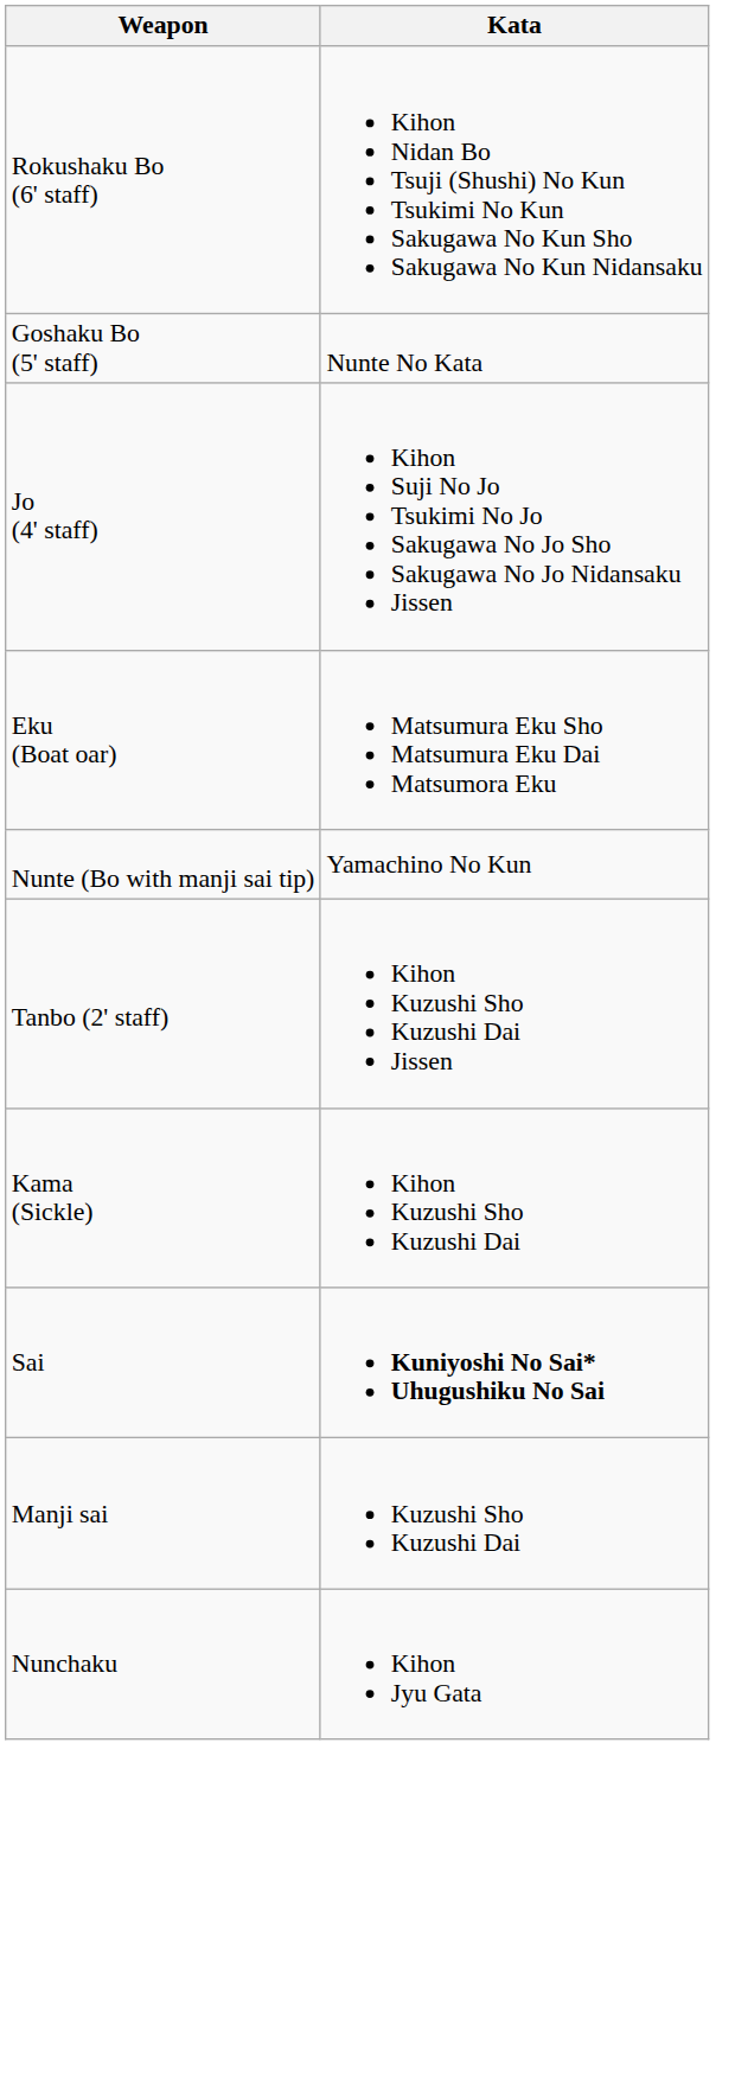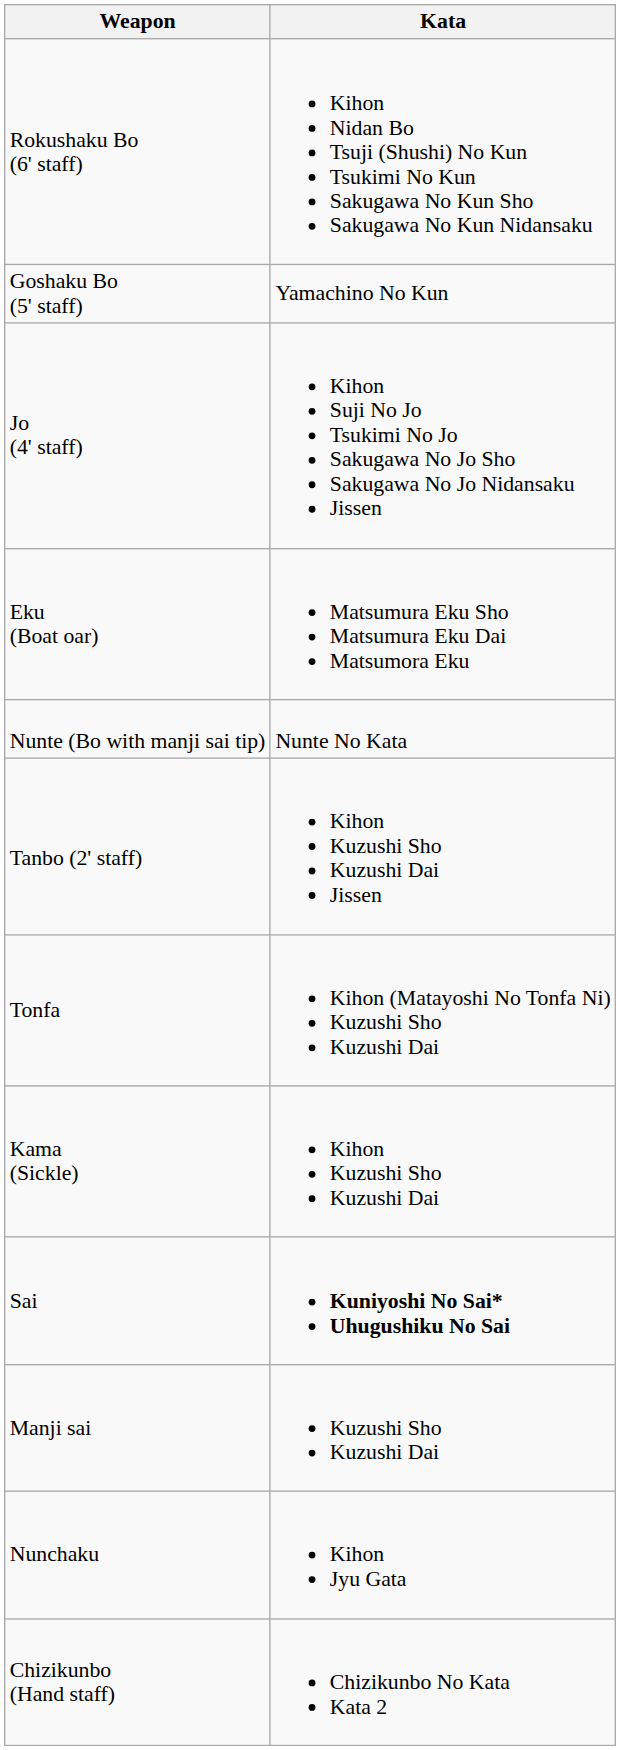 <table class="wikitable">
 <tr>
 <th>Weapon</th>
 <th>Kata</th>
 </tr>
 <tr>
 <td>Rokushaku Bo<br>(6' staff)</td>
 <td><br><ul><li>Kihon</li><li>Nidan Bo</li><li>Tsuji (Shushi) No Kun</li><li>Tsukimi No Kun</li><li>Sakugawa No Kun Sho</li><li>Sakugawa No Kun Nidansaku</li></ul></td>
 </tr>
 <tr>
 <td>Goshaku Bo<br>(5' staff)</td>
-<td><br>Nunte No Kata</td>
+<td>Yamachino No Kun</td>
 </tr>
 <tr>
 <td>Jo<br>(4' staff)</td>
 <td><br><ul><li>Kihon</li><li>Suji No Jo</li><li>Tsukimi No Jo</li><li>Sakugawa No Jo Sho</li><li>Sakugawa No Jo Nidansaku</li><li>Jissen</li></ul></td>
 </tr>
 <tr>
 <td>Eku<br>(Boat oar)</td>
 <td><br><ul><li>Matsumura Eku Sho</li><li>Matsumura Eku Dai</li><li>Matsumora Eku</li></ul></td>
 </tr>
 <tr>
 <td><br>Nunte (Bo with manji sai tip)</td>
-<td>Yamachino No Kun</td>
+<td><br>Nunte No Kata</td>
 </tr>
 <tr>
 <td><br>Tanbo (2' staff)</td>
 <td><br><ul><li>Kihon</li><li>Kuzushi Sho</li><li>Kuzushi Dai</li><li>Jissen</li></ul></td>
+</tr>
+<tr>
+<td>Tonfa</td>
+<td><br><ul><li>Kihon (Matayoshi No Tonfa Ni)</li><li>Kuzushi Sho</li><li>Kuzushi Dai</li></ul></td>
 </tr>
 <tr>
 <td>Kama<br>(Sickle)</td>
 <td><br><ul><li>Kihon</li><li>Kuzushi Sho</li><li>Kuzushi Dai</li></ul></td>
 </tr>
 <tr>
 <td>Sai</td>
 <td><strong><br><ul><li>Kuniyoshi No Sai*</li><li>Uhugushiku No Sai</li></ul></strong></td>
 </tr>
 <tr>
 <td>Manji sai</td>
 <td><br><ul><li>Kuzushi Sho</li><li>Kuzushi Dai</li></ul></td>
 </tr>
 <tr>
 <td>Nunchaku</td>
 <td><br><ul><li>Kihon</li><li>Jyu Gata</li></ul></td>
 </tr>
+<tr>
+<td>Chizikunbo<br>(Hand staff)</td>
+<td><br><ul><li>Chizikunbo No Kata</li><li>Kata 2</li></ul></td>
+</tr>
 </table>
